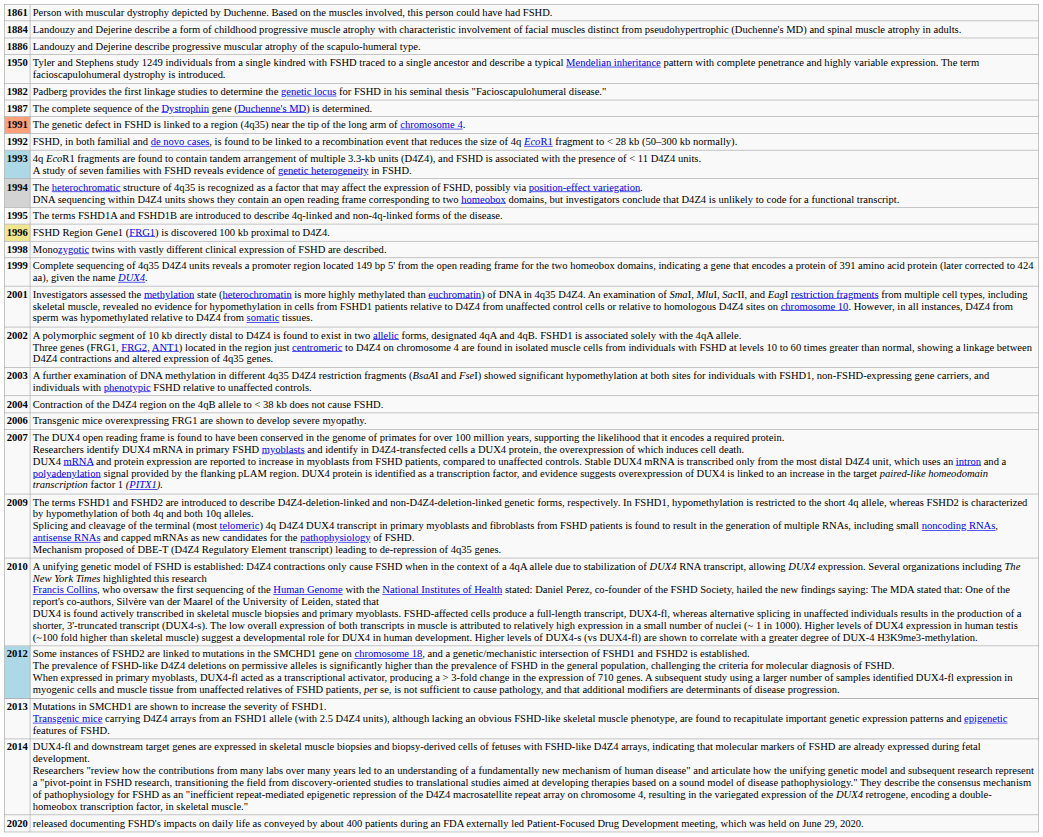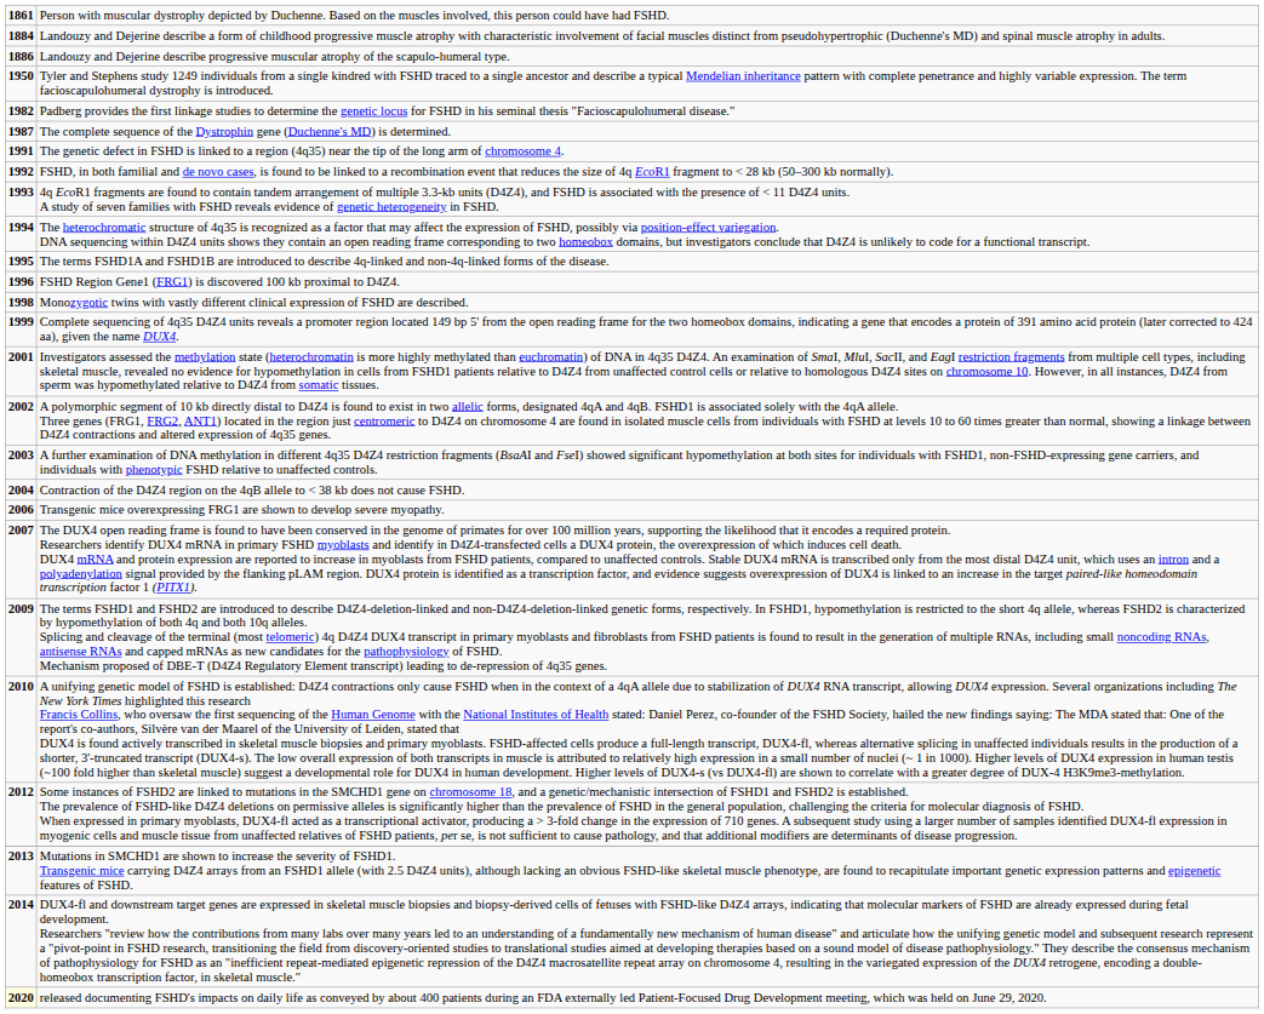 <table class="wikitable">
 <tr>
 <td valign="top"><strong>1861</strong></td>
 <td>Person with muscular dystrophy depicted by Duchenne. Based on the muscles involved, this person could have had FSHD.</td>
 </tr>
 <tr>
 <td valign="top"><strong>1884</strong></td>
 <td>Landouzy and Dejerine describe a form of childhood progressive muscle atrophy with characteristic involvement of facial muscles distinct from pseudohypertrophic (Duchenne's MD) and spinal muscle atrophy in adults.<br></td>
 </tr>
 <tr>
 <td valign="top"><strong>1886</strong></td>
 <td>Landouzy and Dejerine describe progressive muscular atrophy of the scapulo-humeral type.</td>
 </tr>
 <tr>
 <td valign="top"><strong>1950</strong></td>
 <td>Tyler and Stephens study 1249 individuals from a single kindred with FSHD traced to a single ancestor and describe a typical <a href='#'>Mendelian inheritance</a> pattern with complete penetrance and highly variable expression. The term facioscapulohumeral dystrophy is introduced<em>.</em></td>
 </tr>
 <tr>
 <td valign="top"><strong>1982</strong></td>
 <td>Padberg provides the first linkage studies to determine the <a href='#'>genetic locus</a> for FSHD in his seminal thesis "Facioscapulohumeral disease."</td>
 </tr>
 <tr>
 <td valign="top"><strong>1987</strong></td>
 <td>The complete sequence of the <a href='#'>Dystrophin</a> gene (<a href='#'>Duchenne's MD</a>) is determined.</td>
 </tr>
 <tr>
-<td valign="top" style="background: lightsalmon;"><strong>1991</strong></td>
+<td valign="top"><strong>1991</strong></td>
 <td>The genetic defect in FSHD is linked to a region (4q35) near the tip of the long arm of <a href='#'>chromosome 4</a>.</td>
 </tr>
 <tr>
 <td valign="top"><strong>1992</strong></td>
 <td>FSHD, in both familial and <a href='#'>de novo cases</a>, is found to be linked to a recombination event that reduces the size of 4q <em><a href='#'>Eco</a></em><a href='#'>R1</a> fragment to < 28 kb (50–300 kb normally).</td>
 </tr>
 <tr>
-<td valign="top" style="background: lightblue;"><strong>1993</strong></td>
+<td valign="top"><strong>1993</strong></td>
 <td>4q <em>Eco</em>R1 fragments are found to contain tandem arrangement of multiple 3.3-kb units (D4Z4), and FSHD is associated with the presence of < 11 D4Z4 units.<br>A study of seven families with FSHD reveals evidence of <a href='#'>genetic heterogeneity</a> in FSHD.</td>
 </tr>
 <tr>
-<td valign="top" style="background: lightgrey;"><strong>1994</strong></td>
+<td valign="top"><strong>1994</strong></td>
 <td>The <a href='#'>heterochromatic</a> structure of 4q35 is recognized as a factor that may affect the expression of FSHD, possibly via <a href='#'>position-effect variegation</a><em>.</em><br>DNA sequencing within D4Z4 units shows they contain an open reading frame corresponding to two <a href='#'>homeobox</a> domains, but investigators conclude that D4Z4 is unlikely to code for a functional transcript.</td>
 </tr>
 <tr>
 <td valign="top"><strong>1995</strong></td>
 <td>The terms FSHD1A and FSHD1B are introduced to describe 4q-linked and non-4q-linked forms of the disease.</td>
 </tr>
 <tr>
-<td valign="top" style="background: khaki;"><strong>1996</strong></td>
+<td valign="top"><strong>1996</strong></td>
 <td>FSHD Region Gene1 (<a href='#'>FRG1</a>) is discovered 100 kb proximal to D4Z4.</td>
 </tr>
 <tr>
 <td valign="top"><strong>1998</strong></td>
 <td>Mono<a href='#'>zygotic</a> twins with vastly different clinical expression of FSHD are described.</td>
 </tr>
 <tr>
 <td valign="top"><strong>1999</strong></td>
 <td>Complete sequencing of 4q35 D4Z4 units reveals a promoter region located 149 bp 5' from the open reading frame for the two homeobox domains, indicating a gene that encodes a protein of 391 amino acid protein (later corrected to 424 aa), given the name <em><a href='#'>DUX4</a></em>.</td>
 </tr>
 <tr>
 <td valign="top"><strong>2001</strong></td>
 <td>Investigators assessed the <a href='#'>methylation</a> state (<a href='#'>heterochromatin</a> is more highly methylated than <a href='#'>euchromatin</a>) of DNA in 4q35 D4Z4. An examination of <em>Sma</em>I, <em>Mlu</em>I, <em>Sac</em>II, and <em>Eag</em>I <a href='#'>restriction fragments</a> from multiple cell types, including skeletal muscle, revealed no evidence for hypomethylation in cells from FSHD1 patients relative to D4Z4 from unaffected control cells or relative to homologous D4Z4 sites on <a href='#'>chromosome 10</a>. However, in all instances, D4Z4 from sperm was hypomethylated relative to D4Z4 from <a href='#'>somatic</a> tissues.</td>
 </tr>
 <tr>
 <td valign="top"><strong>2002</strong></td>
 <td>A polymorphic segment of 10 kb directly distal to D4Z4 is found to exist in two <a href='#'>allelic</a> forms, designated 4qA and 4qB. FSHD1 is associated solely with the 4qA allele.<br>Three genes (FRG1, <a href='#'>FRG2</a>, <a href='#'>ANT1</a>) located in the region just <a href='#'>centromeric</a> to D4Z4 on chromosome 4 are found in isolated muscle cells from individuals with FSHD at levels 10 to 60 times greater than normal, showing a linkage between D4Z4 contractions and altered expression of 4q35 genes.</td>
 </tr>
 <tr>
 <td valign="top"><strong>2003</strong></td>
 <td>A further examination of DNA methylation in different 4q35 D4Z4 restriction fragments (<em>BsaA</em>I and <em>Fse</em>I) showed significant hypomethylation at both sites for individuals with FSHD1, non-FSHD-expressing gene carriers, and individuals with <a href='#'>phenotypic</a> FSHD relative to unaffected controls.</td>
 </tr>
 <tr>
 <td valign="top"><strong>2004</strong></td>
 <td>Contraction of the D4Z4 region on the 4qB allele to < 38 kb does not cause FSHD.</td>
 </tr>
 <tr>
 <td valign="top"><strong>2006</strong></td>
 <td>Transgenic mice overexpressing FRG1 are shown to develop severe myopathy.</td>
 </tr>
 <tr>
 <td valign="top"><strong>2007</strong></td>
 <td>The DUX4 open reading frame is found to have been conserved in the genome of primates for over 100 million years, supporting the likelihood that it encodes a required protein.<br>Researchers identify DUX4 mRNA in primary FSHD <a href='#'>myoblasts</a> and identify in D4Z4-transfected cells a DUX4 protein, the overexpression of which induces cell death.<br>DUX4 <a href='#'>mRNA</a> and protein expression are reported to increase in myoblasts from FSHD patients, compared to unaffected controls. Stable DUX4 mRNA is transcribed only from the most distal D4Z4 unit, which uses an <a href='#'>intron</a> and a <a href='#'>polyadenylation</a> signal provided by the flanking pLAM region. DUX4 protein is identified as a transcription factor, and evidence suggests overexpression of DUX4 is linked to an increase in the target <em>paired-like homeodomain transcription</em> factor 1 <em>(<a href='#'>PITX1</a>).</em></td>
 </tr>
 <tr>
 <td valign="top"><strong>2009</strong></td>
 <td>The terms FSHD1 and FSHD2 are introduced to describe D4Z4-deletion-linked and non-D4Z4-deletion-linked genetic forms, respectively. In FSHD1, hypomethylation is restricted to the short 4q allele, whereas FSHD2 is characterized by hypomethylation of both 4q and both 10q alleles.<br>Splicing and cleavage of the terminal (most <a href='#'>telomeric</a>) 4q D4Z4 DUX4 transcript in primary myoblasts and fibroblasts from FSHD patients is found to result in the generation of multiple RNAs, including small <a href='#'>noncoding RNAs</a>, <a href='#'>antisense RNAs</a> and capped mRNAs as new candidates for the <a href='#'>pathophysiology</a> of FSHD.<br>Mechanism proposed of DBE-T (D4Z4 Regulatory Element transcript) leading to de-repression of 4q35 genes.</td>
 </tr>
 <tr>
 <td valign="top"><strong>2010</strong></td>
 <td>A unifying genetic model of FSHD is established: D4Z4 contractions only cause FSHD when in the context of a 4qA allele due to stabilization of <em>DUX4</em> RNA transcript, allowing <em>DUX4</em> expression. Several organizations including <em>The New York Times</em> highlighted this research<br><a href='#'>Francis Collins</a>, who oversaw the first sequencing of the <a href='#'>Human Genome</a> with the <a href='#'>National Institutes of Health</a> stated:  Daniel Perez, co-founder of the FSHD Society, hailed the new findings saying:  The MDA stated that:  One of the report's co-authors, Silvère van der Maarel of the University of Leiden, stated that <br>DUX4 is found actively transcribed in skeletal muscle biopsies and primary myoblasts. FSHD-affected cells produce a full-length transcript, DUX4-fl, whereas alternative splicing in unaffected individuals results in the production of a shorter, 3'-truncated transcript (DUX4-s). The low overall expression of both transcripts in muscle is attributed to relatively high expression in a small number of nuclei (~ 1 in 1000). Higher levels of DUX4 expression in human testis (~100 fold higher than skeletal muscle) suggest a developmental role for DUX4 in human development. Higher levels of DUX4-s (vs DUX4-fl) are shown to correlate with a greater degree of DUX-4 H3K9me3-methylation.</td>
 </tr>
 <tr>
-<td valign="top" style="background: lightblue;"><strong>2012</strong></td>
+<td valign="top"><strong>2012</strong></td>
 <td>Some instances of FSHD2 are linked to mutations in the SMCHD1 gene on <a href='#'>chromosome 18</a>, and a genetic/mechanistic intersection of FSHD1 and FSHD2 is established.<br>The prevalence of FSHD-like D4Z4 deletions on permissive alleles is significantly higher than the prevalence of FSHD in the general population, challenging the criteria for molecular diagnosis of FSHD.<br>When expressed in primary myoblasts, DUX4-fl acted as a transcriptional activator, producing a > 3-fold change in the expression of 710 genes. A subsequent study using a larger number of samples identified DUX4-fl expression in myogenic cells and muscle tissue from unaffected relatives of FSHD patients, <em>pe</em>r se, is not sufficient to cause pathology, and that additional modifiers are determinants of disease progression.</td>
 </tr>
 <tr>
 </tr>
 <tr>
 <td valign="top"><strong>2013</strong></td>
 <td>Mutations in SMCHD1 are shown to increase the severity of FSHD1.<br><a href='#'>Transgenic mice</a> carrying D4Z4 arrays from an FSHD1 allele (with 2.5 D4Z4 units), although lacking an obvious FSHD-like skeletal muscle phenotype, are found to recapitulate important genetic expression patterns and <a href='#'>epigenetic</a> features of FSHD.</td>
 </tr>
 <tr>
 <td valign="top"><strong>2014</strong></td>
 <td>DUX4-fl and downstream target genes are expressed in skeletal muscle biopsies and biopsy-derived cells of fetuses with FSHD-like D4Z4 arrays, indicating that molecular markers of FSHD are already expressed during fetal development.<br>Researchers "review how the contributions from many labs over many years led to an understanding of a fundamentally new mechanism of human disease" and articulate how the unifying genetic model and subsequent research represent a "pivot-point in FSHD research, transitioning the field from discovery-oriented studies to translational studies aimed at developing therapies based on a sound model of disease pathophysiology." They describe the consensus mechanism of pathophysiology for FSHD as an "inefficient repeat-mediated epigenetic repression of the D4Z4 macrosatellite repeat array on chromosome 4, resulting in the variegated expression of the <em>DUX4</em> retrogene, encoding a double-homeobox transcription factor, in skeletal muscle."</td>
 </tr>
 <tr>
-<td valign="top"><strong>2020</strong></td>
+<td valign="top" style="background: lightyellow;"><strong>2020</strong></td>
 <td> released documenting FSHD's impacts on daily life as conveyed by about 400 patients during an FDA externally led Patient-Focused Drug Development meeting, which was held on June 29, 2020.</td>
 </tr>
 </table>
